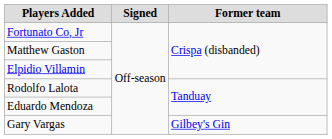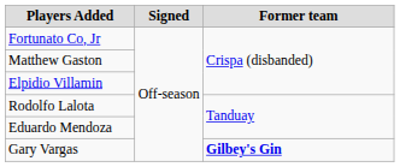 <table class="wikitable sortable sortable">
 <tr align="center" bgcolor="#dddddd">
 <td style="width:140px"><strong>Players Added</strong></td>
 <td style="width:70px"><strong>Signed</strong></td>
 <td style="width:210px"><strong>Former team</strong></td>
 </tr>
 <tr>
 <td><a href='#'>Fortunato Co, Jr</a></td>
 <td rowspan="6">Off-season</td>
 <td rowspan="3"><a href='#'>Crispa</a> (disbanded)</td>
 </tr>
 <tr>
 <td>Matthew Gaston</td>
 </tr>
 <tr>
 <td><a href='#'>Elpidio Villamin</a></td>
 </tr>
 <tr>
 <td>Rodolfo Lalota</td>
 <td rowspan="2"><a href='#'>Tanduay</a></td>
 </tr>
 <tr>
 <td>Eduardo Mendoza</td>
 </tr>
 <tr>
 <td>Gary Vargas</td>
-<td><a href='#'>Gilbey's Gin</a></td>
+<td><strong><a href='#'>Gilbey's Gin</a></strong></td>
 </tr>
 </table>
